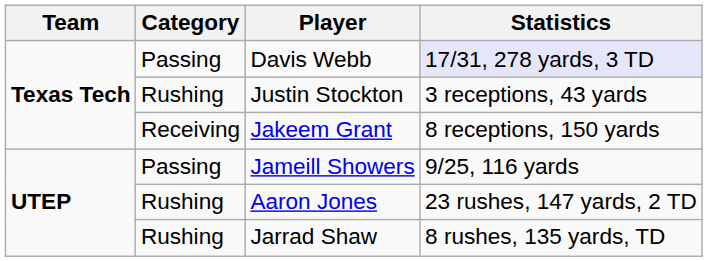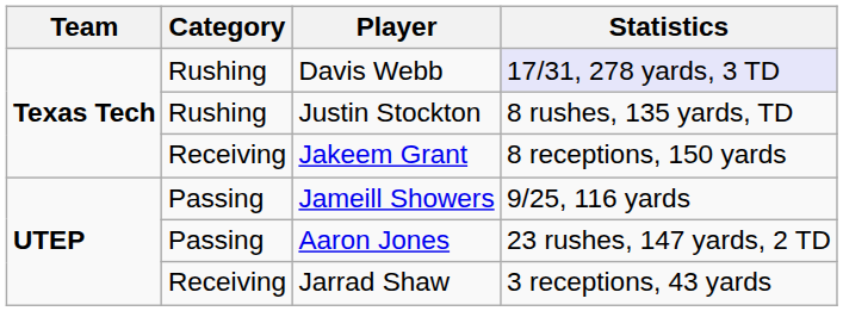 <table class="wikitable" style="float: right;">
 <tr>
 <th>Team</th>
 <th>Category</th>
 <th>Player</th>
 <th>Statistics</th>
 </tr>
 <tr>
 <td rowspan=3><strong>Texas Tech</strong></td>
-<td>Passing</td>
+<td>Rushing</td>
 <td>Davis Webb</td>
 <td style="background: lavender;">17/31, 278 yards, 3 TD</td>
 </tr>
 <tr>
 <td>Rushing</td>
 <td>Justin Stockton</td>
-<td>3 receptions, 43 yards</td>
+<td>8 rushes, 135 yards, TD</td>
 </tr>
 <tr>
 <td>Receiving</td>
 <td><a href='#'>Jakeem Grant</a></td>
 <td>8 receptions, 150 yards</td>
 </tr>
 <tr>
 <td rowspan=3><strong>UTEP</strong></td>
 <td>Passing</td>
 <td><a href='#'>Jameill Showers</a></td>
 <td>9/25, 116 yards</td>
 </tr>
 <tr>
-<td>Rushing</td>
+<td>Passing</td>
 <td><a href='#'>Aaron Jones</a></td>
 <td>23 rushes, 147 yards, 2 TD</td>
 </tr>
 <tr>
-<td>Rushing</td>
+<td>Receiving</td>
 <td>Jarrad Shaw</td>
-<td>8 rushes, 135 yards, TD</td>
+<td>3 receptions, 43 yards</td>
 </tr>
 </table>
